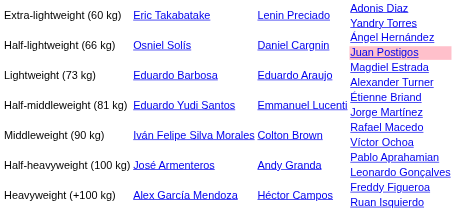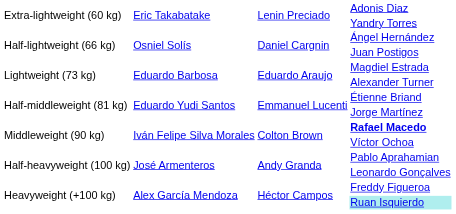 <table>
 <tr>
 <td rowspan=2>Extra-lightweight (60 kg)</td>
 <td rowspan=2><a href='#'>Eric Takabatake</a><br></td>
 <td rowspan=2><a href='#'>Lenin Preciado</a><br></td>
 <td><a href='#'>Adonis Diaz</a><br></td>
 </tr>
 <tr>
 <td><a href='#'>Yandry Torres</a><br></td>
 </tr>
 <tr>
 <td rowspan=2>Half-lightweight (66 kg)</td>
 <td rowspan=2><a href='#'>Osniel Solís</a><br></td>
 <td rowspan=2><a href='#'>Daniel Cargnin</a><br></td>
 <td><a href='#'>Ángel Hernández</a><br></td>
 </tr>
 <tr>
-<td style="background: pink;"><a href='#'>Juan Postigos</a><br></td>
+<td><a href='#'>Juan Postigos</a><br></td>
 </tr>
 <tr>
 <td rowspan=2>Lightweight (73 kg)</td>
 <td rowspan=2><a href='#'>Eduardo Barbosa</a><br></td>
 <td rowspan=2><a href='#'>Eduardo Araujo</a><br></td>
 <td><a href='#'>Magdiel Estrada</a><br></td>
 </tr>
 <tr>
 <td><a href='#'>Alexander Turner</a><br></td>
 </tr>
 <tr>
 <td rowspan=2>Half-middleweight (81 kg)</td>
 <td rowspan=2><a href='#'>Eduardo Yudi Santos</a><br></td>
 <td rowspan=2><a href='#'>Emmanuel Lucenti</a><br></td>
 <td><a href='#'>Étienne Briand</a><br></td>
 </tr>
 <tr>
 <td><a href='#'>Jorge Martínez</a><br></td>
 </tr>
 <tr>
 <td rowspan=2>Middleweight (90 kg)</td>
 <td rowspan=2><a href='#'>Iván Felipe Silva Morales</a><br></td>
 <td rowspan=2><a href='#'>Colton Brown</a><br></td>
-<td><a href='#'>Rafael Macedo</a><br></td>
+<td><strong><a href='#'>Rafael Macedo</a><br></strong></td>
 </tr>
 <tr>
 <td><a href='#'>Víctor Ochoa</a><br></td>
 </tr>
 <tr>
 <td rowspan=2>Half-heavyweight (100 kg)</td>
 <td rowspan=2><a href='#'>José Armenteros</a><br></td>
 <td rowspan=2><a href='#'>Andy Granda</a><br></td>
 <td><a href='#'>Pablo Aprahamian</a><br></td>
 </tr>
 <tr>
 <td><a href='#'>Leonardo Gonçalves</a><br></td>
 </tr>
 <tr>
 <td rowspan=2>Heavyweight (+100 kg)</td>
 <td rowspan=2><a href='#'>Alex García Mendoza</a><br></td>
 <td rowspan=2><a href='#'>Héctor Campos</a><br></td>
 <td><a href='#'>Freddy Figueroa</a><br></td>
 </tr>
 <tr>
-<td><a href='#'>Ruan Isquierdo</a><br></td>
+<td style="background: paleturquoise;"><a href='#'>Ruan Isquierdo</a><br></td>
 </tr>
 </table>
